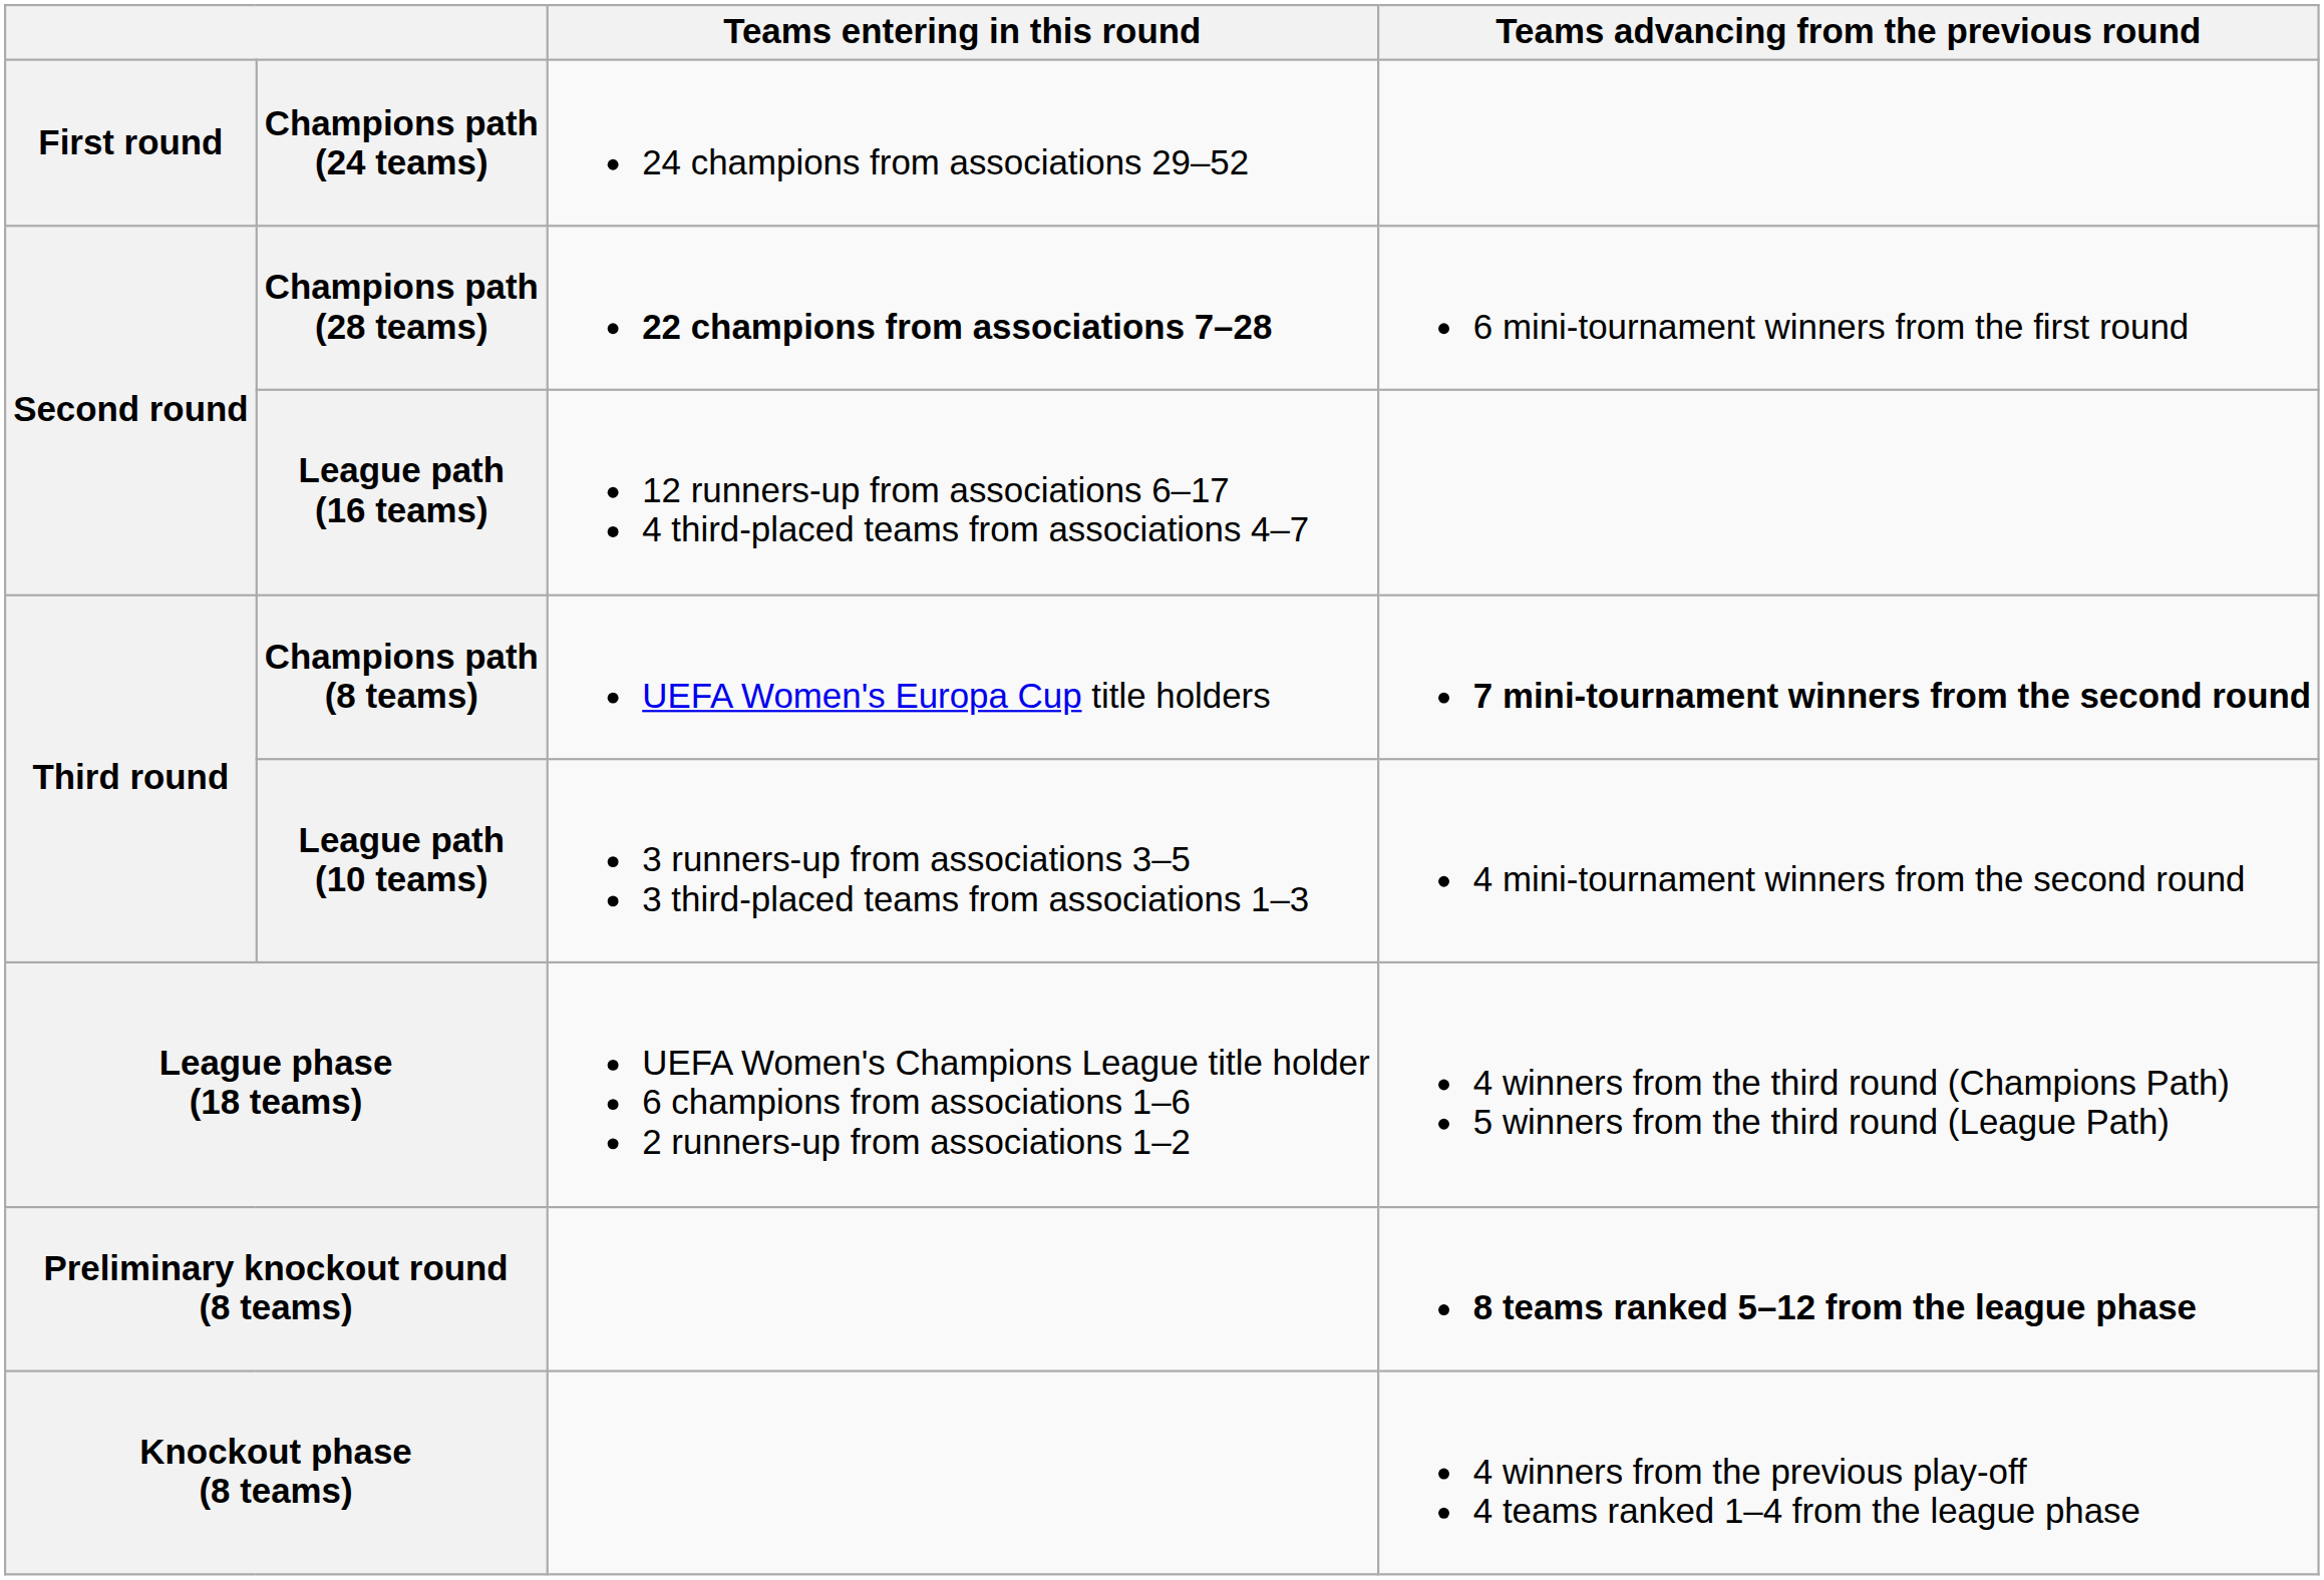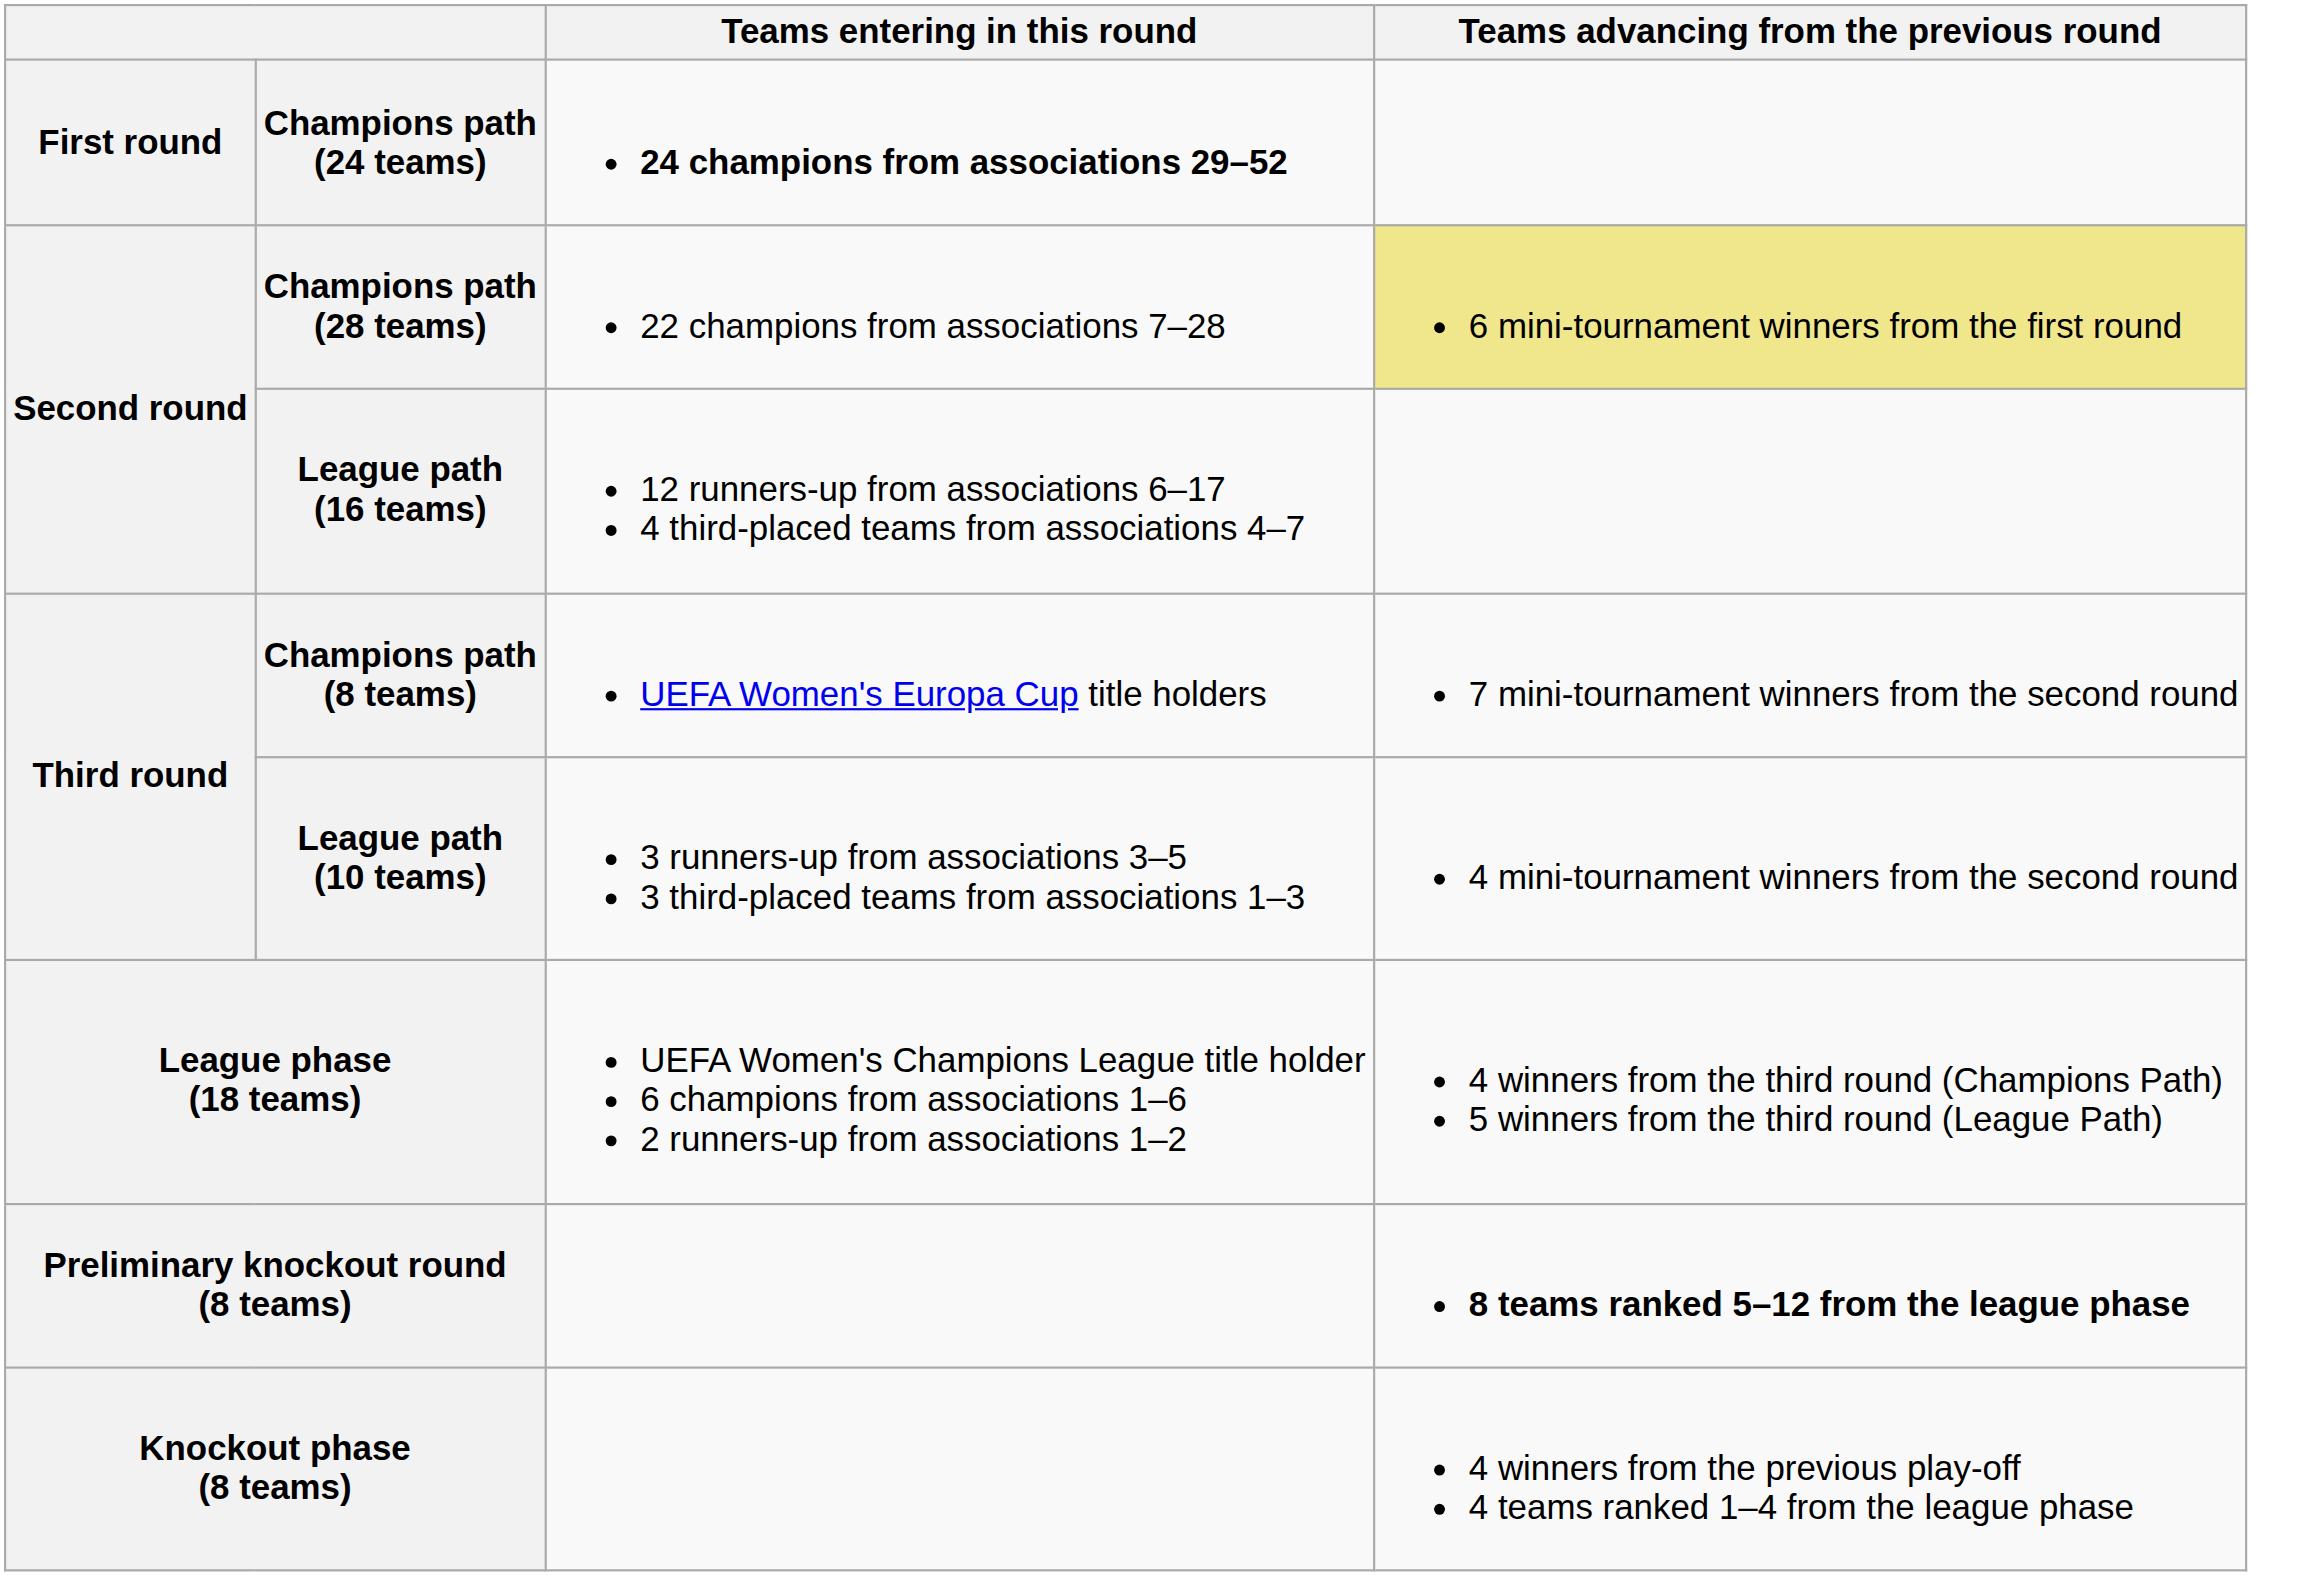 <table class="wikitable">
 <tr>
 <th colspan="2"></th>
 <th>Teams entering in this round</th>
 <th>Teams advancing from the previous round</th>
 </tr>
 <tr>
 <th>First round</th>
 <th>Champions path<br>(24 teams)</th>
-<td><br><ul><li>24 champions from associations 29–52</li></ul></td>
+<td><strong><br><ul><li>24 champions from associations 29–52</li></ul></strong></td>
 </tr>
 <tr>
 <th rowspan="2">Second round</th>
 <th>Champions path<br>(28 teams)</th>
-<td><strong><br><ul><li>22 champions from associations 7–28</li></ul></strong></td>
-<td><br><ul><li>6 mini-tournament winners from the first round</li></ul></td>
+<td><br><ul><li>22 champions from associations 7–28</li></ul></td>
+<td style="background: khaki;"><br><ul><li>6 mini-tournament winners from the first round</li></ul></td>
 </tr>
 <tr>
 <th>League path<br>(16 teams)</th>
 <td><br><ul><li>12 runners-up from associations 6–17</li><li>4 third-placed teams from associations 4–7</li></ul></td>
 <td></td>
 </tr>
 <tr>
 <th rowspan="2">Third round</th>
 <th>Champions path<br>(8 teams)</th>
 <td><br><ul><li><a href='#'>UEFA Women's Europa Cup</a> title holders</li></ul></td>
-<td><strong><br><ul><li>7 mini-tournament winners from the second round</li></ul></strong></td>
+<td><br><ul><li>7 mini-tournament winners from the second round</li></ul></td>
 </tr>
 <tr>
 <th>League path<br>(10 teams)</th>
 <td><br><ul><li>3 runners-up from associations 3–5</li><li>3 third-placed teams from associations 1–3</li></ul></td>
 <td><br><ul><li>4 mini-tournament winners from the second round</li></ul></td>
 </tr>
 <tr>
 <th colspan="2">League phase<br>(18 teams)</th>
 <td><br><ul><li>UEFA Women's Champions League title holder</li><li>6 champions from associations 1–6</li><li>2 runners-up from associations 1–2</li></ul></td>
 <td><br><ul><li>4 winners from the third round (Champions Path)</li><li>5 winners from the third round (League Path)</li></ul></td>
 </tr>
 <tr>
 <th colspan="2">Preliminary knockout round<br>(8 teams)</th>
 <td></td>
 <td><strong><br><ul><li>8 teams ranked 5–12 from the league phase</li></ul></strong></td>
 </tr>
 <tr>
 <th colspan="2">Knockout phase<br>(8 teams)</th>
 <td></td>
 <td><br><ul><li>4 winners from the previous play-off</li><li>4 teams ranked 1–4 from the league phase</li></ul></td>
 </tr>
 </table>
